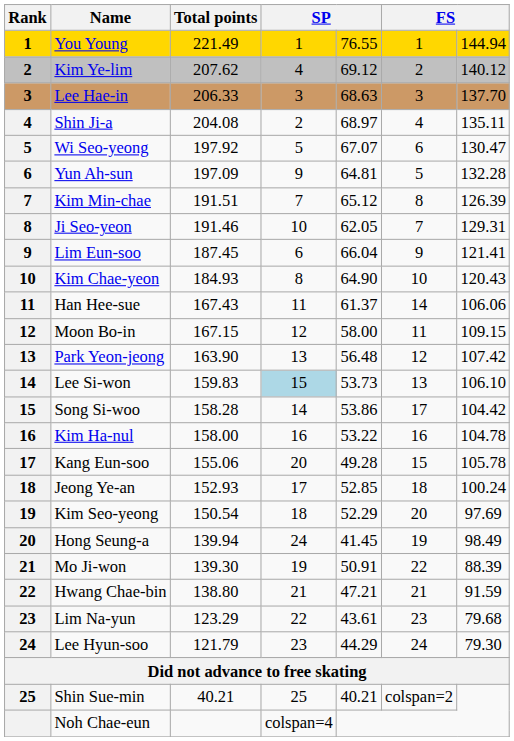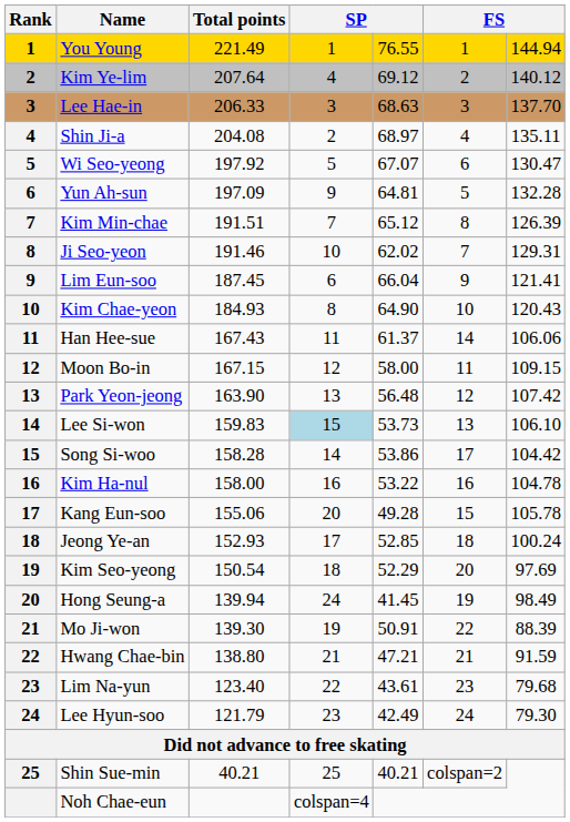 <table class="wikitable sortable">
 <tr>
 <th>Rank</th>
 <th>Name</th>
 <th>Total points</th>
 <th colspan="2" width="80px"><a href='#'>SP</a></th>
 <th colspan="2" width="80px"><a href='#'>FS</a></th>
 </tr>
 <tr bgcolor="gold">
 <td align="center"><strong>1</strong></td>
 <td><a href='#'>You Young</a></td>
 <td align="center">221.49</td>
 <td align="center">1</td>
 <td align="center">76.55</td>
 <td align="center">1</td>
 <td align="center">144.94</td>
 </tr>
 <tr bgcolor="silver">
 <td align="center"><strong>2</strong></td>
 <td><a href='#'>Kim Ye-lim</a></td>
-<td align="center">207.62</td>
+<td align="center">207.64</td>
 <td align="center">4</td>
 <td align="center">69.12</td>
 <td align="center">2</td>
 <td align="center">140.12</td>
 </tr>
 <tr bgcolor="cc9966">
 <td align="center"><strong>3</strong></td>
 <td><a href='#'> Lee Hae-in</a></td>
 <td align="center">206.33</td>
 <td align="center">3</td>
 <td align="center">68.63</td>
 <td align="center">3</td>
 <td align="center">137.70</td>
 </tr>
 <tr>
 <th>4</th>
 <td><a href='#'>Shin Ji-a</a></td>
 <td align="center">204.08</td>
 <td align="center">2</td>
 <td align="center">68.97</td>
 <td align="center">4</td>
 <td align="center">135.11</td>
 </tr>
 <tr>
 <th>5</th>
 <td><a href='#'>Wi Seo-yeong</a></td>
 <td align="center">197.92</td>
 <td align="center">5</td>
 <td align="center">67.07</td>
 <td align="center">6</td>
 <td align="center">130.47</td>
 </tr>
 <tr>
 <th>6</th>
 <td><a href='#'>Yun Ah-sun</a></td>
 <td align="center">197.09</td>
 <td align="center">9</td>
 <td align="center">64.81</td>
 <td align="center">5</td>
 <td align="center">132.28</td>
 </tr>
 <tr>
 <th>7</th>
 <td><a href='#'>Kim Min-chae</a></td>
 <td align="center">191.51</td>
 <td align="center">7</td>
 <td align="center">65.12</td>
 <td align="center">8</td>
 <td align="center">126.39</td>
 </tr>
 <tr>
 <th>8</th>
 <td><a href='#'>Ji Seo-yeon</a></td>
 <td align="center">191.46</td>
 <td align="center">10</td>
-<td align="center">62.05</td>
+<td align="center">62.02</td>
 <td align="center">7</td>
 <td align="center">129.31</td>
 </tr>
 <tr>
 <th>9</th>
 <td><a href='#'>Lim Eun-soo</a></td>
 <td align="center">187.45</td>
 <td align="center">6</td>
 <td align="center">66.04</td>
 <td align="center">9</td>
 <td align="center">121.41</td>
 </tr>
 <tr>
 <th>10</th>
 <td><a href='#'>Kim Chae-yeon</a></td>
 <td align="center">184.93</td>
 <td align="center">8</td>
 <td align="center">64.90</td>
 <td align="center">10</td>
 <td align="center">120.43</td>
 </tr>
 <tr>
 <th>11</th>
 <td>Han Hee-sue</td>
 <td align="center">167.43</td>
 <td align="center">11</td>
 <td align="center">61.37</td>
 <td align="center">14</td>
 <td align="center">106.06</td>
 </tr>
 <tr>
 <th>12</th>
 <td>Moon Bo-in</td>
 <td align="center">167.15</td>
 <td align="center">12</td>
 <td align="center">58.00</td>
 <td align="center">11</td>
 <td align="center">109.15</td>
 </tr>
 <tr>
 <th>13</th>
 <td><a href='#'>Park Yeon-jeong</a></td>
 <td align="center">163.90</td>
 <td align="center">13</td>
 <td align="center">56.48</td>
 <td align="center">12</td>
 <td align="center">107.42</td>
 </tr>
 <tr>
 <th>14</th>
 <td>Lee Si-won</td>
 <td align="center">159.83</td>
 <td align="center" style="background: lightblue;">15</td>
 <td align="center">53.73</td>
 <td align="center">13</td>
 <td align="center">106.10</td>
 </tr>
 <tr>
 <th>15</th>
 <td>Song Si-woo</td>
 <td align="center">158.28</td>
 <td align="center">14</td>
 <td align="center">53.86</td>
 <td align="center">17</td>
 <td align="center">104.42</td>
 </tr>
 <tr>
 <th>16</th>
 <td><a href='#'> Kim Ha-nul</a></td>
 <td align="center">158.00</td>
 <td align="center">16</td>
 <td align="center">53.22</td>
 <td align="center">16</td>
 <td align="center">104.78</td>
 </tr>
 <tr>
 <th>17</th>
 <td>Kang Eun-soo</td>
 <td align="center">155.06</td>
 <td align="center">20</td>
 <td align="center">49.28</td>
 <td align="center">15</td>
 <td align="center">105.78</td>
 </tr>
 <tr>
 <th>18</th>
 <td>Jeong Ye-an</td>
 <td align="center">152.93</td>
 <td align="center">17</td>
 <td align="center">52.85</td>
 <td align="center">18</td>
 <td align="center">100.24</td>
 </tr>
 <tr>
 <th>19</th>
 <td>Kim Seo-yeong</td>
 <td align="center">150.54</td>
 <td align="center">18</td>
 <td align="center">52.29</td>
 <td align="center">20</td>
 <td align="center">97.69</td>
 </tr>
 <tr>
 <th>20</th>
 <td>Hong Seung-a</td>
 <td align="center">139.94</td>
 <td align="center">24</td>
 <td align="center">41.45</td>
 <td align="center">19</td>
 <td align="center">98.49</td>
 </tr>
 <tr>
 <th>21</th>
 <td>Mo Ji-won</td>
 <td align="center">139.30</td>
 <td align="center">19</td>
 <td align="center">50.91</td>
 <td align="center">22</td>
 <td align="center">88.39</td>
 </tr>
 <tr>
 <th>22</th>
 <td>Hwang Chae-bin</td>
 <td align="center">138.80</td>
 <td align="center">21</td>
 <td align="center">47.21</td>
 <td align="center">21</td>
 <td align="center">91.59</td>
 </tr>
 <tr>
 <th>23</th>
 <td>Lim Na-yun</td>
-<td align="center">123.29</td>
+<td align="center">123.40</td>
 <td align="center">22</td>
 <td align="center">43.61</td>
 <td align="center">23</td>
 <td align="center">79.68</td>
 </tr>
 <tr>
 <th>24</th>
 <td>Lee Hyun-soo</td>
 <td align="center">121.79</td>
 <td align="center">23</td>
-<td align="center">44.29</td>
+<td align="center">42.49</td>
 <td align="center">24</td>
 <td align="center">79.30</td>
 </tr>
 <tr>
 <th colspan="7">Did not advance to free skating</th>
 </tr>
 <tr>
 <th>25</th>
 <td>Shin Sue-min</td>
 <td align="center">40.21</td>
 <td align="center">25</td>
 <td align="center">40.21</td>
 <td>colspan=2 </td>
 </tr>
 <tr>
 <th></th>
 <td>Noh Chae-eun</td>
 <td></td>
 <td>colspan=4 </td>
 </tr>
 </table>
